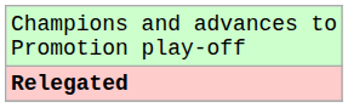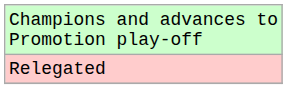 <table class="wikitable">
 <tr width=10px bgcolor="#ccffcc">
 <td>Champions and advances to<br>Promotion play-off</td>
 </tr>
 <tr width=10px bgcolor="#ffcccc">
-<td><strong>Relegated</strong></td>
+<td>Relegated</td>
 </tr>
 <tr>
 </tr>
 </table>
